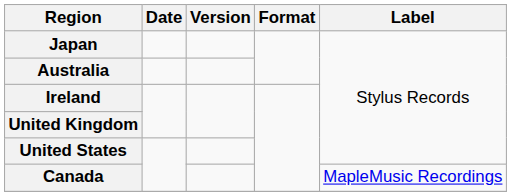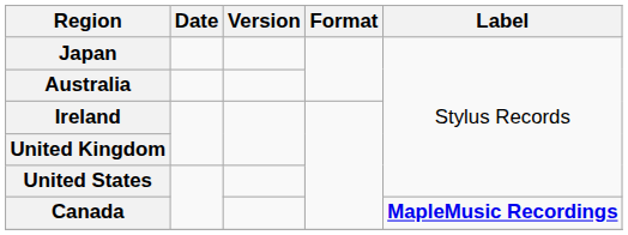 <table class="wikitable plainrowheaders" style="text-align:center;">
 <tr>
 <th>Region</th>
 <th>Date</th>
 <th>Version</th>
 <th>Format</th>
 <th>Label</th>
 </tr>
 <tr>
 <th scope="row">Japan</th>
 <td rowspan="1"></td>
 <td rowspan="1"></td>
 <td rowspan="2"></td>
 <td rowspan="5">Stylus Records</td>
 </tr>
 <tr>
 <th scope="row">Australia</th>
 <td rowspan="1"></td>
 <td rowspan="1"></td>
 </tr>
 <tr>
 <th scope="row">Ireland</th>
 <td rowspan="2"></td>
 <td rowspan="2"></td>
 <td rowspan="4"></td>
 </tr>
 <tr>
 <th scope="row">United Kingdom</th>
 </tr>
 <tr>
 <th scope="row">United States</th>
 <td rowspan="2"></td>
 <td rowspan="1"></td>
 </tr>
 <tr>
 <th scope="row">Canada</th>
 <td rowspan="1"></td>
-<td rowspan="1"><a href='#'>MapleMusic Recordings</a></td>
+<td rowspan="1"><strong><a href='#'>MapleMusic Recordings</a></strong></td>
 </tr>
 <tr>
 </tr>
 </table>
